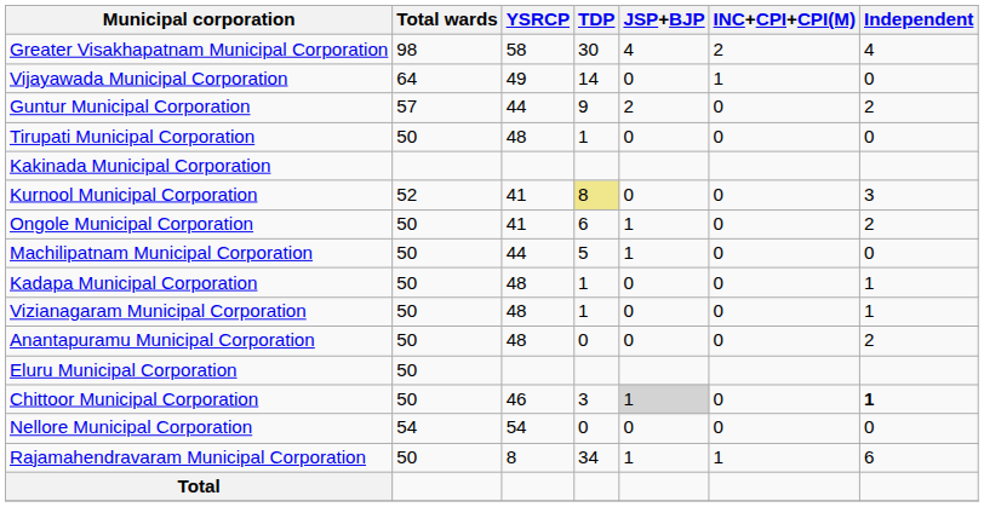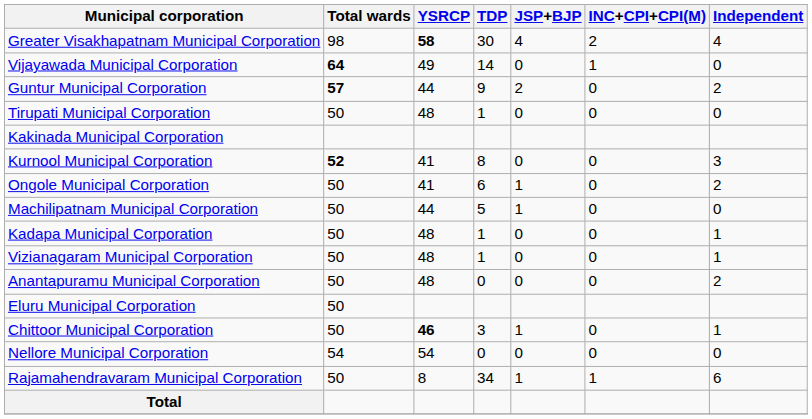 <table class="wikitable sortable">
 <tr>
 <th>Municipal corporation</th>
 <th>Total wards</th>
 <th><a href='#'>YSRCP</a></th>
 <th><a href='#'>TDP</a></th>
 <th><a href='#'>JSP</a>+<a href='#'>BJP</a></th>
 <th><a href='#'>INC</a>+<a href='#'>CPI</a>+<a href='#'>CPI(M)</a></th>
 <th><a href='#'>Independent</a></th>
 </tr>
 <tr>
 <td><a href='#'>Greater Visakhapatnam Municipal Corporation</a></td>
 <td>98</td>
-<td>58</td>
+<td><strong>58</strong></td>
 <td>30</td>
 <td>4</td>
 <td>2</td>
 <td>4</td>
 </tr>
 <tr>
 <td><a href='#'>Vijayawada Municipal Corporation</a></td>
-<td>64</td>
+<td><strong>64</strong></td>
 <td>49</td>
 <td>14</td>
 <td>0</td>
 <td>1</td>
 <td>0</td>
 </tr>
 <tr>
 <td><a href='#'>Guntur Municipal Corporation</a></td>
-<td>57</td>
+<td><strong>57</strong></td>
 <td>44</td>
 <td>9</td>
 <td>2</td>
 <td>0</td>
 <td>2</td>
 </tr>
 <tr>
 <td><a href='#'>Tirupati Municipal Corporation</a></td>
 <td>50</td>
 <td>48</td>
 <td>1</td>
 <td>0</td>
 <td>0</td>
 <td>0</td>
 </tr>
 <tr>
 <td><a href='#'>Kakinada Municipal Corporation</a></td>
 <td></td>
 <td></td>
 <td></td>
 <td></td>
 <td></td>
 <td></td>
 </tr>
 <tr>
 <td><a href='#'>Kurnool Municipal Corporation</a></td>
-<td>52</td>
+<td><strong>52</strong></td>
 <td>41</td>
-<td style="background: khaki;">8</td>
+<td>8</td>
 <td>0</td>
 <td>0</td>
 <td>3</td>
 </tr>
 <tr>
 <td><a href='#'>Ongole Municipal Corporation</a></td>
 <td>50</td>
 <td>41</td>
 <td>6</td>
 <td>1</td>
 <td>0</td>
 <td>2</td>
 </tr>
 <tr>
 <td><a href='#'>Machilipatnam Municipal Corporation</a></td>
 <td>50</td>
 <td>44</td>
 <td>5</td>
 <td>1</td>
 <td>0</td>
 <td>0</td>
 </tr>
 <tr>
 <td><a href='#'>Kadapa Municipal Corporation</a></td>
 <td>50</td>
 <td>48</td>
 <td>1</td>
 <td>0</td>
 <td>0</td>
 <td>1</td>
 </tr>
 <tr>
 <td><a href='#'>Vizianagaram Municipal Corporation</a></td>
 <td>50</td>
 <td>48</td>
 <td>1</td>
 <td>0</td>
 <td>0</td>
 <td>1</td>
 </tr>
 <tr>
 <td><a href='#'>Anantapuramu Municipal Corporation</a></td>
 <td>50</td>
 <td>48</td>
 <td>0</td>
 <td>0</td>
 <td>0</td>
 <td>2</td>
 </tr>
 <tr>
 <td><a href='#'>Eluru Municipal Corporation</a></td>
 <td>50</td>
 <td></td>
 <td></td>
 <td></td>
 <td></td>
 <td></td>
 </tr>
 <tr>
 <td><a href='#'>Chittoor Municipal Corporation</a></td>
 <td>50</td>
-<td>46</td>
+<td><strong>46</strong></td>
 <td>3</td>
-<td style="background: lightgrey;">1</td>
+<td>1</td>
 <td>0</td>
-<td><strong>1</strong></td>
+<td>1</td>
 </tr>
 <tr>
 <td><a href='#'>Nellore Municipal Corporation</a></td>
 <td>54</td>
 <td>54</td>
 <td>0</td>
 <td>0</td>
 <td>0</td>
 <td>0</td>
 </tr>
 <tr>
 <td><a href='#'>Rajamahendravaram Municipal Corporation</a></td>
 <td>50</td>
 <td>8</td>
 <td>34</td>
 <td>1</td>
 <td>1</td>
 <td>6</td>
 </tr>
 <tr>
 <th>Total</th>
 <td></td>
 <td></td>
 <td></td>
 <td></td>
 <td></td>
 <td></td>
 </tr>
 <tr>
 </tr>
 </table>
